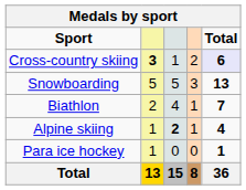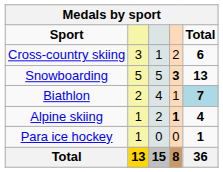 <table class="wikitable" style="font-size:85%;float:right;clear:right;margin-left:1em;text-align:center">
 <tr bgcolor=EFEFEF>
 <th colspan=5>Medals by sport</th>
 </tr>
 <tr>
 <td><strong>Sport</strong></td>
 <td bgcolor=F7F6A8></td>
 <td bgcolor=DCE5E5></td>
 <td bgcolor=FFDAB9></td>
 <td><strong>Total</strong></td>
 </tr>
 <tr>
 <td><a href='#'>Cross-country skiing</a></td>
-<td bgcolor=F7F6A8><strong>3</strong></td>
+<td bgcolor=F7F6A8>3</td>
 <td bgcolor=DCE5E5>1</td>
 <td bgcolor=FFDAB9>2</td>
-<td style="background: lavender;"><strong>6</strong></td>
+<td><strong>6</strong></td>
 </tr>
 <tr>
 <td><a href='#'>Snowboarding</a></td>
 <td bgcolor=F7F6A8>5</td>
 <td bgcolor=DCE5E5>5</td>
-<td bgcolor=FFDAB9>3</td>
+<td bgcolor=FFDAB9><strong>3</strong></td>
 <td><strong>13</strong></td>
 </tr>
 <tr>
 <td><a href='#'>Biathlon</a></td>
 <td bgcolor=F7F6A8>2</td>
 <td bgcolor=DCE5E5>4</td>
 <td bgcolor=FFDAB9>1</td>
-<td><strong>7</strong></td>
+<td style="background: lightblue;"><strong>7</strong></td>
 </tr>
 <tr>
 <td><a href='#'>Alpine skiing</a></td>
 <td bgcolor=F7F6A8>1</td>
-<td bgcolor=DCE5E5><strong>2</strong></td>
-<td bgcolor=FFDAB9>1</td>
+<td bgcolor=DCE5E5>2</td>
+<td bgcolor=FFDAB9><strong>1</strong></td>
 <td><strong>4</strong></td>
 </tr>
 <tr>
 <td><a href='#'>Para ice hockey</a></td>
 <td bgcolor=F7F6A8>1</td>
 <td bgcolor=DCE5E5>0</td>
 <td bgcolor=FFDAB9>0</td>
 <td><strong>1</strong></td>
 </tr>
 <tr>
 <th>Total</th>
 <th style="background:gold;">13</th>
 <th style="background:silver;">15</th>
 <th style="background:#c96;">8</th>
 <th>36</th>
 </tr>
 </table>
